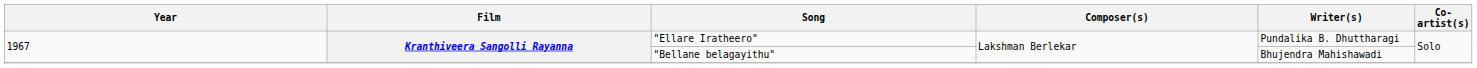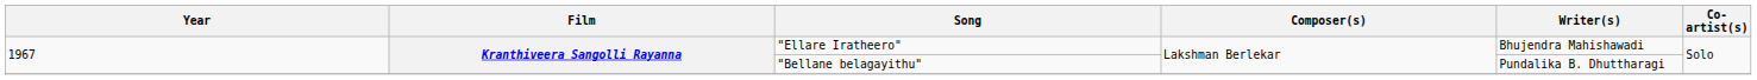 <table class="wikitable plainrowheaders" style="width:100%; textcolor:#000">
 <tr style="background:#b0e0e66;">
 <th scope="col" style="width:23%;"><strong>Year</strong></th>
 <th scope="col" style="width:23%;"><strong>Film</strong></th>
 <th scope="col" style="width:23%;"><strong>Song</strong></th>
 <th scope="col" style="width:20%;"><strong>Composer(s)</strong></th>
 <th scope="col" style="width:16%;"><strong>Writer(s)</strong></th>
 <th scope="col" style="width:18%;"><strong>Co-artist(s)</strong></th>
 </tr>
 <tr>
 <td rowspan="2">1967</td>
 <th rowspan="2"><em><a href='#'>Kranthiveera Sangolli Rayanna</a></em></th>
 <td>"Ellare Iratheero"</td>
 <td rowspan="2">Lakshman Berlekar</td>
-<td>Pundalika B. Dhuttharagi</td>
+<td>Bhujendra Mahishawadi</td>
 <td rowspan=2>Solo</td>
 </tr>
 <tr>
 <td>"Bellane belagayithu"</td>
-<td>Bhujendra Mahishawadi</td>
+<td>Pundalika B. Dhuttharagi</td>
 </tr>
 <tr>
 </tr>
 </table>
